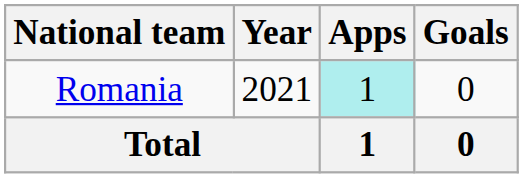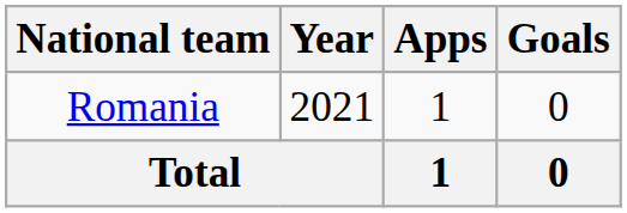 <table class="wikitable" style="text-align: center;">
 <tr>
 <th>National team</th>
 <th>Year</th>
 <th>Apps</th>
 <th>Goals</th>
 </tr>
 <tr>
 <td rowspan="1"><a href='#'>Romania</a></td>
 <td>2021</td>
-<td style="background: paleturquoise;">1</td>
+<td>1</td>
 <td>0</td>
 </tr>
 <tr>
 <th colspan="2">Total</th>
 <th>1</th>
 <th>0</th>
 </tr>
 </table>
